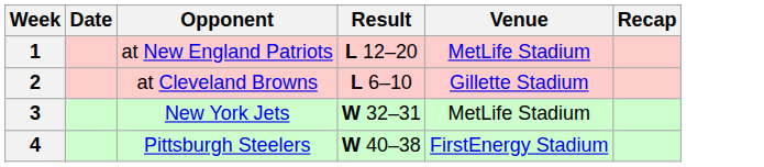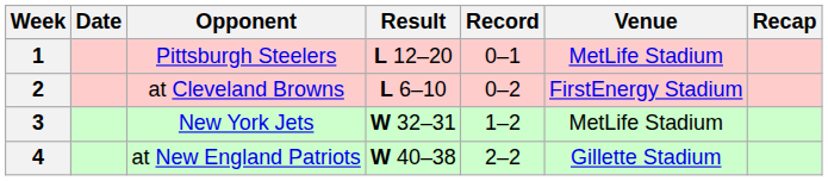 <table class="wikitable" style="text-align:center">
 <tr>
 <th>Week</th>
 <th>Date</th>
 <th>Opponent</th>
 <th>Result</th>
+<th>Record</th>
 <th>Venue</th>
 <th>Recap</th>
 </tr>
 <tr style="background:#fcc">
 <th>1</th>
 <td></td>
-<td>at <a href='#'>New England Patriots</a></td>
+<td><a href='#'>Pittsburgh Steelers</a></td>
 <td><strong>L</strong> 12–20</td>
+<td>0–1</td>
 <td><a href='#'>MetLife Stadium</a></td>
 <td></td>
 </tr>
 <tr style="background:#fcc">
 <th>2</th>
 <td></td>
 <td>at <a href='#'>Cleveland Browns</a></td>
 <td><strong>L</strong> 6–10</td>
-<td><a href='#'>Gillette Stadium</a></td>
+<td>0–2</td>
+<td><a href='#'>FirstEnergy Stadium</a></td>
 <td></td>
 </tr>
 <tr style="background:#cfc">
 <th>3</th>
 <td></td>
 <td><a href='#'>New York Jets</a></td>
 <td><strong>W</strong> 32–31</td>
+<td>1–2</td>
 <td>MetLife Stadium</td>
 <td></td>
 </tr>
 <tr style="background:#cfc">
 <th>4</th>
 <td></td>
-<td><a href='#'>Pittsburgh Steelers</a></td>
+<td>at <a href='#'>New England Patriots</a></td>
 <td><strong>W</strong> 40–38</td>
-<td><a href='#'>FirstEnergy Stadium</a></td>
+<td>2–2</td>
+<td><a href='#'>Gillette Stadium</a></td>
 <td></td>
 </tr>
 </table>
